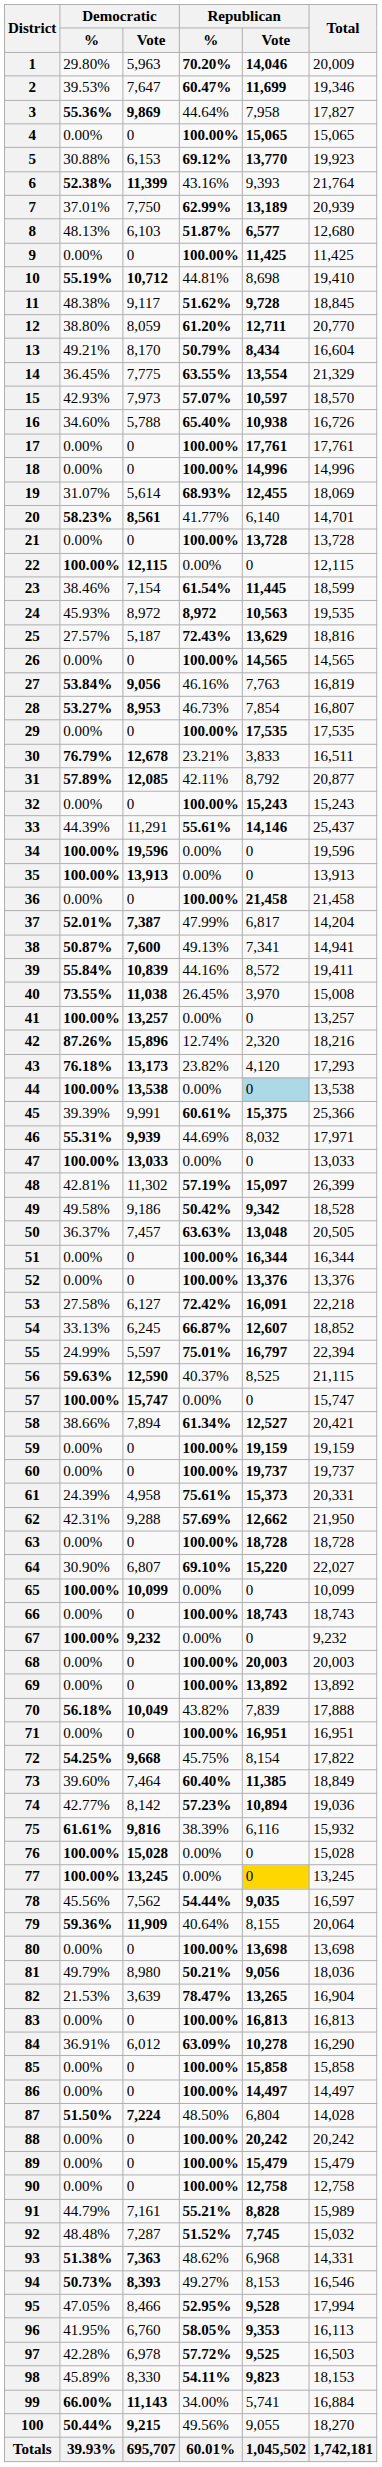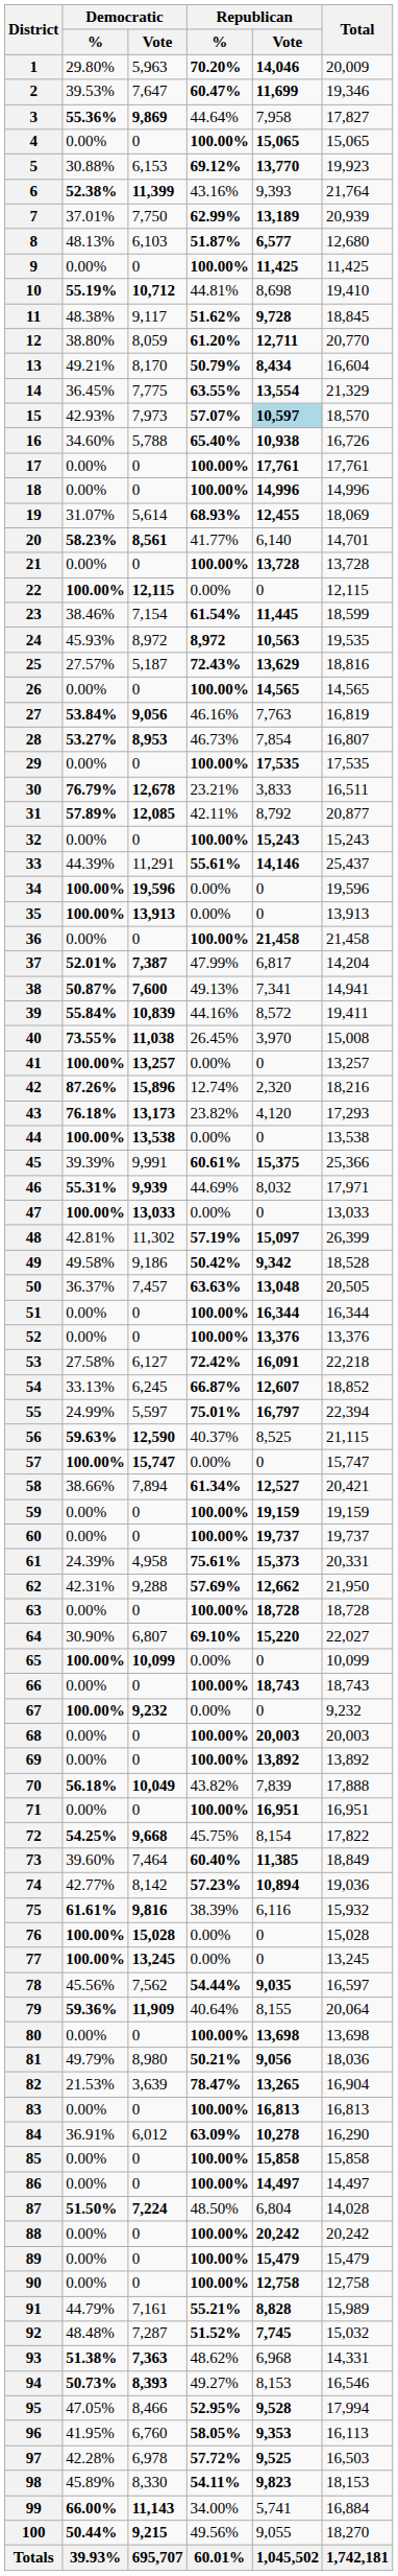 <table class="wikitable sortable">
 <tr>
 <th rowspan=2>District</th>
 <th colspan=2>Democratic</th>
 <th colspan=2>Republican</th>
 <th rowspan=2>Total</th>
 </tr>
 <tr>
 <th>%</th>
 <th>Vote</th>
 <th>%</th>
 <th>Vote</th>
 </tr>
 <tr>
 <th>1</th>
 <td>29.80%</td>
 <td>5,963</td>
 <td><strong>70.20%</strong></td>
 <td><strong>14,046</strong></td>
 <td>20,009</td>
 </tr>
 <tr>
 <th>2</th>
 <td>39.53%</td>
 <td>7,647</td>
 <td><strong>60.47%</strong></td>
 <td><strong>11,699</strong></td>
 <td>19,346</td>
 </tr>
 <tr>
 <th>3</th>
 <td><strong>55.36%</strong></td>
 <td><strong>9,869</strong></td>
 <td>44.64%</td>
 <td>7,958</td>
 <td>17,827</td>
 </tr>
 <tr>
 <th>4</th>
 <td>0.00%</td>
 <td>0</td>
 <td><strong>100.00%</strong></td>
 <td><strong>15,065</strong></td>
 <td>15,065</td>
 </tr>
 <tr>
 <th>5</th>
 <td>30.88%</td>
 <td>6,153</td>
 <td><strong>69.12%</strong></td>
 <td><strong>13,770</strong></td>
 <td>19,923</td>
 </tr>
 <tr>
 <th>6</th>
 <td><strong>52.38%</strong></td>
 <td><strong>11,399</strong></td>
 <td>43.16%</td>
 <td>9,393</td>
 <td>21,764</td>
 </tr>
 <tr>
 <th>7</th>
 <td>37.01%</td>
 <td>7,750</td>
 <td><strong>62.99%</strong></td>
 <td><strong>13,189</strong></td>
 <td>20,939</td>
 </tr>
 <tr>
 <th>8</th>
 <td>48.13%</td>
 <td>6,103</td>
 <td><strong>51.87%</strong></td>
 <td><strong>6,577</strong></td>
 <td>12,680</td>
 </tr>
 <tr>
 <th>9</th>
 <td>0.00%</td>
 <td>0</td>
 <td><strong>100.00%</strong></td>
 <td><strong>11,425</strong></td>
 <td>11,425</td>
 </tr>
 <tr>
 <th>10</th>
 <td><strong>55.19%</strong></td>
 <td><strong>10,712</strong></td>
 <td>44.81%</td>
 <td>8,698</td>
 <td>19,410</td>
 </tr>
 <tr>
 <th>11</th>
 <td>48.38%</td>
 <td>9,117</td>
 <td><strong>51.62%</strong></td>
 <td><strong>9,728</strong></td>
 <td>18,845</td>
 </tr>
 <tr>
 <th>12</th>
 <td>38.80%</td>
 <td>8,059</td>
 <td><strong>61.20%</strong></td>
 <td><strong>12,711</strong></td>
 <td>20,770</td>
 </tr>
 <tr>
 <th>13</th>
 <td>49.21%</td>
 <td>8,170</td>
 <td><strong>50.79%</strong></td>
 <td><strong>8,434</strong></td>
 <td>16,604</td>
 </tr>
 <tr>
 <th>14</th>
 <td>36.45%</td>
 <td>7,775</td>
 <td><strong>63.55%</strong></td>
 <td><strong>13,554</strong></td>
 <td>21,329</td>
 </tr>
 <tr>
 <th>15</th>
 <td>42.93%</td>
 <td>7,973</td>
 <td><strong>57.07%</strong></td>
-<td><strong>10,597</strong></td>
+<td style="background: lightblue;"><strong>10,597</strong></td>
 <td>18,570</td>
 </tr>
 <tr>
 <th>16</th>
 <td>34.60%</td>
 <td>5,788</td>
 <td><strong>65.40%</strong></td>
 <td><strong>10,938</strong></td>
 <td>16,726</td>
 </tr>
 <tr>
 <th>17</th>
 <td>0.00%</td>
 <td>0</td>
 <td><strong>100.00%</strong></td>
 <td><strong>17,761</strong></td>
 <td>17,761</td>
 </tr>
 <tr>
 <th>18</th>
 <td>0.00%</td>
 <td>0</td>
 <td><strong>100.00%</strong></td>
 <td><strong>14,996</strong></td>
 <td>14,996</td>
 </tr>
 <tr>
 <th>19</th>
 <td>31.07%</td>
 <td>5,614</td>
 <td><strong>68.93%</strong></td>
 <td><strong>12,455</strong></td>
 <td>18,069</td>
 </tr>
 <tr>
 <th>20</th>
 <td><strong>58.23%</strong></td>
 <td><strong>8,561</strong></td>
 <td>41.77%</td>
 <td>6,140</td>
 <td>14,701</td>
 </tr>
 <tr>
 <th>21</th>
 <td>0.00%</td>
 <td>0</td>
 <td><strong>100.00%</strong></td>
 <td><strong>13,728</strong></td>
 <td>13,728</td>
 </tr>
 <tr>
 <th>22</th>
 <td><strong>100.00%</strong></td>
 <td><strong>12,115</strong></td>
 <td>0.00%</td>
 <td>0</td>
 <td>12,115</td>
 </tr>
 <tr>
 <th>23</th>
 <td>38.46%</td>
 <td>7,154</td>
 <td><strong>61.54%</strong></td>
 <td><strong>11,445</strong></td>
 <td>18,599</td>
 </tr>
 <tr>
 <th>24</th>
 <td>45.93%</td>
 <td>8,972</td>
 <td><strong>8,972</strong></td>
 <td><strong>10,563</strong></td>
 <td>19,535</td>
 </tr>
 <tr>
 <th>25</th>
 <td>27.57%</td>
 <td>5,187</td>
 <td><strong>72.43%</strong></td>
 <td><strong>13,629</strong></td>
 <td>18,816</td>
 </tr>
 <tr>
 <th>26</th>
 <td>0.00%</td>
 <td>0</td>
 <td><strong>100.00%</strong></td>
 <td><strong>14,565</strong></td>
 <td>14,565</td>
 </tr>
 <tr>
 <th>27</th>
 <td><strong>53.84%</strong></td>
 <td><strong>9,056</strong></td>
 <td>46.16%</td>
 <td>7,763</td>
 <td>16,819</td>
 </tr>
 <tr>
 <th>28</th>
 <td><strong>53.27%</strong></td>
 <td><strong>8,953</strong></td>
 <td>46.73%</td>
 <td>7,854</td>
 <td>16,807</td>
 </tr>
 <tr>
 <th>29</th>
 <td>0.00%</td>
 <td>0</td>
 <td><strong>100.00%</strong></td>
 <td><strong>17,535</strong></td>
 <td>17,535</td>
 </tr>
 <tr>
 <th>30</th>
 <td><strong>76.79%</strong></td>
 <td><strong>12,678</strong></td>
 <td>23.21%</td>
 <td>3,833</td>
 <td>16,511</td>
 </tr>
 <tr>
 <th>31</th>
 <td><strong>57.89%</strong></td>
 <td><strong>12,085</strong></td>
 <td>42.11%</td>
 <td>8,792</td>
 <td>20,877</td>
 </tr>
 <tr>
 <th>32</th>
 <td>0.00%</td>
 <td>0</td>
 <td><strong>100.00%</strong></td>
 <td><strong>15,243</strong></td>
 <td>15,243</td>
 </tr>
 <tr>
 <th>33</th>
 <td>44.39%</td>
 <td>11,291</td>
 <td><strong>55.61%</strong></td>
 <td><strong>14,146</strong></td>
 <td>25,437</td>
 </tr>
 <tr>
 <th>34</th>
 <td><strong>100.00%</strong></td>
 <td><strong>19,596</strong></td>
 <td>0.00%</td>
 <td>0</td>
 <td>19,596</td>
 </tr>
 <tr>
 <th>35</th>
 <td><strong>100.00%</strong></td>
 <td><strong>13,913</strong></td>
 <td>0.00%</td>
 <td>0</td>
 <td>13,913</td>
 </tr>
 <tr>
 <th>36</th>
 <td>0.00%</td>
 <td>0</td>
 <td><strong>100.00%</strong></td>
 <td><strong>21,458</strong></td>
 <td>21,458</td>
 </tr>
 <tr>
 <th>37</th>
 <td><strong>52.01%</strong></td>
 <td><strong>7,387</strong></td>
 <td>47.99%</td>
 <td>6,817</td>
 <td>14,204</td>
 </tr>
 <tr>
 <th>38</th>
 <td><strong>50.87%</strong></td>
 <td><strong>7,600</strong></td>
 <td>49.13%</td>
 <td>7,341</td>
 <td>14,941</td>
 </tr>
 <tr>
 <th>39</th>
 <td><strong>55.84%</strong></td>
 <td><strong>10,839</strong></td>
 <td>44.16%</td>
 <td>8,572</td>
 <td>19,411</td>
 </tr>
 <tr>
 <th>40</th>
 <td><strong>73.55%</strong></td>
 <td><strong>11,038</strong></td>
 <td>26.45%</td>
 <td>3,970</td>
 <td>15,008</td>
 </tr>
 <tr>
 <th>41</th>
 <td><strong>100.00%</strong></td>
 <td><strong>13,257</strong></td>
 <td>0.00%</td>
 <td>0</td>
 <td>13,257</td>
 </tr>
 <tr>
 <th>42</th>
 <td><strong>87.26%</strong></td>
 <td><strong>15,896</strong></td>
 <td>12.74%</td>
 <td>2,320</td>
 <td>18,216</td>
 </tr>
 <tr>
 <th>43</th>
 <td><strong>76.18%</strong></td>
 <td><strong>13,173</strong></td>
 <td>23.82%</td>
 <td>4,120</td>
 <td>17,293</td>
 </tr>
 <tr>
 <th>44</th>
 <td><strong>100.00%</strong></td>
 <td><strong>13,538</strong></td>
 <td>0.00%</td>
-<td style="background: lightblue;">0</td>
+<td>0</td>
 <td>13,538</td>
 </tr>
 <tr>
 <th>45</th>
 <td>39.39%</td>
 <td>9,991</td>
 <td><strong>60.61%</strong></td>
 <td><strong>15,375</strong></td>
 <td>25,366</td>
 </tr>
 <tr>
 <th>46</th>
 <td><strong>55.31%</strong></td>
 <td><strong>9,939</strong></td>
 <td>44.69%</td>
 <td>8,032</td>
 <td>17,971</td>
 </tr>
 <tr>
 <th>47</th>
 <td><strong>100.00%</strong></td>
 <td><strong>13,033</strong></td>
 <td>0.00%</td>
 <td>0</td>
 <td>13,033</td>
 </tr>
 <tr>
 <th>48</th>
 <td>42.81%</td>
 <td>11,302</td>
 <td><strong>57.19%</strong></td>
 <td><strong>15,097</strong></td>
 <td>26,399</td>
 </tr>
 <tr>
 <th>49</th>
 <td>49.58%</td>
 <td>9,186</td>
 <td><strong>50.42%</strong></td>
 <td><strong>9,342</strong></td>
 <td>18,528</td>
 </tr>
 <tr>
 <th>50</th>
 <td>36.37%</td>
 <td>7,457</td>
 <td><strong>63.63%</strong></td>
 <td><strong>13,048</strong></td>
 <td>20,505</td>
 </tr>
 <tr>
 <th>51</th>
 <td>0.00%</td>
 <td>0</td>
 <td><strong>100.00%</strong></td>
 <td><strong>16,344</strong></td>
 <td>16,344</td>
 </tr>
 <tr>
 <th>52</th>
 <td>0.00%</td>
 <td>0</td>
 <td><strong>100.00%</strong></td>
 <td><strong>13,376</strong></td>
 <td>13,376</td>
 </tr>
 <tr>
 <th>53</th>
 <td>27.58%</td>
 <td>6,127</td>
 <td><strong>72.42%</strong></td>
 <td><strong>16,091</strong></td>
 <td>22,218</td>
 </tr>
 <tr>
 <th>54</th>
 <td>33.13%</td>
 <td>6,245</td>
 <td><strong>66.87%</strong></td>
 <td><strong>12,607</strong></td>
 <td>18,852</td>
 </tr>
 <tr>
 <th>55</th>
 <td>24.99%</td>
 <td>5,597</td>
 <td><strong>75.01%</strong></td>
 <td><strong>16,797</strong></td>
 <td>22,394</td>
 </tr>
 <tr>
 <th>56</th>
 <td><strong>59.63%</strong></td>
 <td><strong>12,590</strong></td>
 <td>40.37%</td>
 <td>8,525</td>
 <td>21,115</td>
 </tr>
 <tr>
 <th>57</th>
 <td><strong>100.00%</strong></td>
 <td><strong>15,747</strong></td>
 <td>0.00%</td>
 <td>0</td>
 <td>15,747</td>
 </tr>
 <tr>
 <th>58</th>
 <td>38.66%</td>
 <td>7,894</td>
 <td><strong>61.34%</strong></td>
 <td><strong>12,527</strong></td>
 <td>20,421</td>
 </tr>
 <tr>
 <th>59</th>
 <td>0.00%</td>
 <td>0</td>
 <td><strong>100.00%</strong></td>
 <td><strong>19,159</strong></td>
 <td>19,159</td>
 </tr>
 <tr>
 <th>60</th>
 <td>0.00%</td>
 <td>0</td>
 <td><strong>100.00%</strong></td>
 <td><strong>19,737</strong></td>
 <td>19,737</td>
 </tr>
 <tr>
 <th>61</th>
 <td>24.39%</td>
 <td>4,958</td>
 <td><strong>75.61%</strong></td>
 <td><strong>15,373</strong></td>
 <td>20,331</td>
 </tr>
 <tr>
 <th>62</th>
 <td>42.31%</td>
 <td>9,288</td>
 <td><strong>57.69%</strong></td>
 <td><strong>12,662</strong></td>
 <td>21,950</td>
 </tr>
 <tr>
 <th>63</th>
 <td>0.00%</td>
 <td>0</td>
 <td><strong>100.00%</strong></td>
 <td><strong>18,728</strong></td>
 <td>18,728</td>
 </tr>
 <tr>
 <th>64</th>
 <td>30.90%</td>
 <td>6,807</td>
 <td><strong>69.10%</strong></td>
 <td><strong>15,220</strong></td>
 <td>22,027</td>
 </tr>
 <tr>
 <th>65</th>
 <td><strong>100.00%</strong></td>
 <td><strong>10,099</strong></td>
 <td>0.00%</td>
 <td>0</td>
 <td>10,099</td>
 </tr>
 <tr>
 <th>66</th>
 <td>0.00%</td>
 <td>0</td>
 <td><strong>100.00%</strong></td>
 <td><strong>18,743</strong></td>
 <td>18,743</td>
 </tr>
 <tr>
 <th>67</th>
 <td><strong>100.00%</strong></td>
 <td><strong>9,232</strong></td>
 <td>0.00%</td>
 <td>0</td>
 <td>9,232</td>
 </tr>
 <tr>
 <th>68</th>
 <td>0.00%</td>
 <td>0</td>
 <td><strong>100.00%</strong></td>
 <td><strong>20,003</strong></td>
 <td>20,003</td>
 </tr>
 <tr>
 <th>69</th>
 <td>0.00%</td>
 <td>0</td>
 <td><strong>100.00%</strong></td>
 <td><strong>13,892</strong></td>
 <td>13,892</td>
 </tr>
 <tr>
 <th>70</th>
 <td><strong>56.18%</strong></td>
 <td><strong>10,049</strong></td>
 <td>43.82%</td>
 <td>7,839</td>
 <td>17,888</td>
 </tr>
 <tr>
 <th>71</th>
 <td>0.00%</td>
 <td>0</td>
 <td><strong>100.00%</strong></td>
 <td><strong>16,951</strong></td>
 <td>16,951</td>
 </tr>
 <tr>
 <th>72</th>
 <td><strong>54.25%</strong></td>
 <td><strong>9,668</strong></td>
 <td>45.75%</td>
 <td>8,154</td>
 <td>17,822</td>
 </tr>
 <tr>
 <th>73</th>
 <td>39.60%</td>
 <td>7,464</td>
 <td><strong>60.40%</strong></td>
 <td><strong>11,385</strong></td>
 <td>18,849</td>
 </tr>
 <tr>
 <th>74</th>
 <td>42.77%</td>
 <td>8,142</td>
 <td><strong>57.23%</strong></td>
 <td><strong>10,894</strong></td>
 <td>19,036</td>
 </tr>
 <tr>
 <th>75</th>
 <td><strong>61.61%</strong></td>
 <td><strong>9,816</strong></td>
 <td>38.39%</td>
 <td>6,116</td>
 <td>15,932</td>
 </tr>
 <tr>
 <th>76</th>
 <td><strong>100.00%</strong></td>
 <td><strong>15,028</strong></td>
 <td>0.00%</td>
 <td>0</td>
 <td>15,028</td>
 </tr>
 <tr>
 <th>77</th>
 <td><strong>100.00%</strong></td>
 <td><strong>13,245</strong></td>
 <td>0.00%</td>
-<td style="background: gold;">0</td>
+<td>0</td>
 <td>13,245</td>
 </tr>
 <tr>
 <th>78</th>
 <td>45.56%</td>
 <td>7,562</td>
 <td><strong>54.44%</strong></td>
 <td><strong>9,035</strong></td>
 <td>16,597</td>
 </tr>
 <tr>
 <th>79</th>
 <td><strong>59.36%</strong></td>
 <td><strong>11,909</strong></td>
 <td>40.64%</td>
 <td>8,155</td>
 <td>20,064</td>
 </tr>
 <tr>
 <th>80</th>
 <td>0.00%</td>
 <td>0</td>
 <td><strong>100.00%</strong></td>
 <td><strong>13,698</strong></td>
 <td>13,698</td>
 </tr>
 <tr>
 <th>81</th>
 <td>49.79%</td>
 <td>8,980</td>
 <td><strong>50.21%</strong></td>
 <td><strong>9,056</strong></td>
 <td>18,036</td>
 </tr>
 <tr>
 <th>82</th>
 <td>21.53%</td>
 <td>3,639</td>
 <td><strong>78.47%</strong></td>
 <td><strong>13,265</strong></td>
 <td>16,904</td>
 </tr>
 <tr>
 <th>83</th>
 <td>0.00%</td>
 <td>0</td>
 <td><strong>100.00%</strong></td>
 <td><strong>16,813</strong></td>
 <td>16,813</td>
 </tr>
 <tr>
 <th>84</th>
 <td>36.91%</td>
 <td>6,012</td>
 <td><strong>63.09%</strong></td>
 <td><strong>10,278</strong></td>
 <td>16,290</td>
 </tr>
 <tr>
 <th>85</th>
 <td>0.00%</td>
 <td>0</td>
 <td><strong>100.00%</strong></td>
 <td><strong>15,858</strong></td>
 <td>15,858</td>
 </tr>
 <tr>
 <th>86</th>
 <td>0.00%</td>
 <td>0</td>
 <td><strong>100.00%</strong></td>
 <td><strong>14,497</strong></td>
 <td>14,497</td>
 </tr>
 <tr>
 <th>87</th>
 <td><strong>51.50%</strong></td>
 <td><strong>7,224</strong></td>
 <td>48.50%</td>
 <td>6,804</td>
 <td>14,028</td>
 </tr>
 <tr>
 <th>88</th>
 <td>0.00%</td>
 <td>0</td>
 <td><strong>100.00%</strong></td>
 <td><strong>20,242</strong></td>
 <td>20,242</td>
 </tr>
 <tr>
 <th>89</th>
 <td>0.00%</td>
 <td>0</td>
 <td><strong>100.00%</strong></td>
 <td><strong>15,479</strong></td>
 <td>15,479</td>
 </tr>
 <tr>
 <th>90</th>
 <td>0.00%</td>
 <td>0</td>
 <td><strong>100.00%</strong></td>
 <td><strong>12,758</strong></td>
 <td>12,758</td>
 </tr>
 <tr>
 <th>91</th>
 <td>44.79%</td>
 <td>7,161</td>
 <td><strong>55.21%</strong></td>
 <td><strong>8,828</strong></td>
 <td>15,989</td>
 </tr>
 <tr>
 <th>92</th>
 <td>48.48%</td>
 <td>7,287</td>
 <td><strong>51.52%</strong></td>
 <td><strong>7,745</strong></td>
 <td>15,032</td>
 </tr>
 <tr>
 <th>93</th>
 <td><strong>51.38%</strong></td>
 <td><strong>7,363</strong></td>
 <td>48.62%</td>
 <td>6,968</td>
 <td>14,331</td>
 </tr>
 <tr>
 <th>94</th>
 <td><strong>50.73%</strong></td>
 <td><strong>8,393</strong></td>
 <td>49.27%</td>
 <td>8,153</td>
 <td>16,546</td>
 </tr>
 <tr>
 <th>95</th>
 <td>47.05%</td>
 <td>8,466</td>
 <td><strong>52.95%</strong></td>
 <td><strong>9,528</strong></td>
 <td>17,994</td>
 </tr>
 <tr>
 <th>96</th>
 <td>41.95%</td>
 <td>6,760</td>
 <td><strong>58.05%</strong></td>
 <td><strong>9,353</strong></td>
 <td>16,113</td>
 </tr>
 <tr>
 <th>97</th>
 <td>42.28%</td>
 <td>6,978</td>
 <td><strong>57.72%</strong></td>
 <td><strong>9,525</strong></td>
 <td>16,503</td>
 </tr>
 <tr>
 <th>98</th>
 <td>45.89%</td>
 <td>8,330</td>
 <td><strong>54.11%</strong></td>
 <td><strong>9,823</strong></td>
 <td>18,153</td>
 </tr>
 <tr>
 <th>99</th>
 <td><strong>66.00%</strong></td>
 <td><strong>11,143</strong></td>
 <td>34.00%</td>
 <td>5,741</td>
 <td>16,884</td>
 </tr>
 <tr>
 <th>100</th>
 <td><strong>50.44%</strong></td>
 <td><strong>9,215</strong></td>
 <td>49.56%</td>
 <td>9,055</td>
 <td>18,270</td>
 </tr>
 <tr>
 <th>Totals</th>
 <th>39.93%</th>
 <th>695,707</th>
 <th>60.01%</th>
 <th>1,045,502</th>
 <th>1,742,181</th>
 </tr>
 </table>
